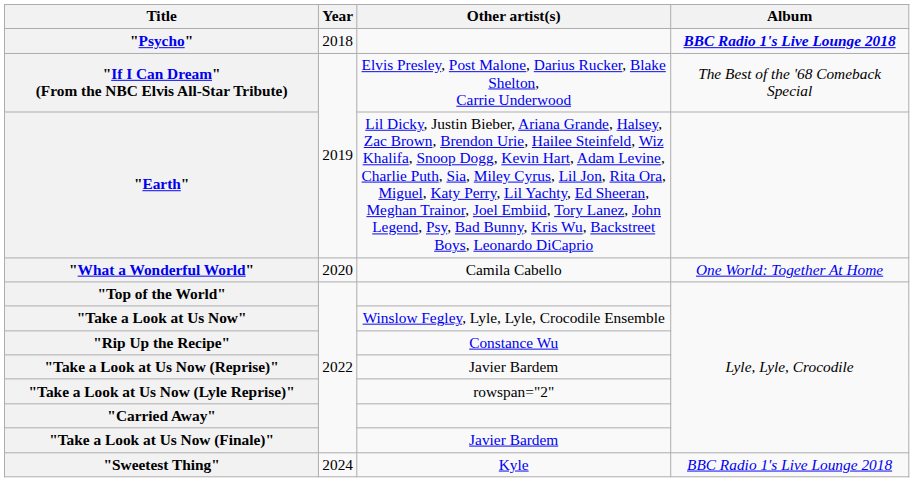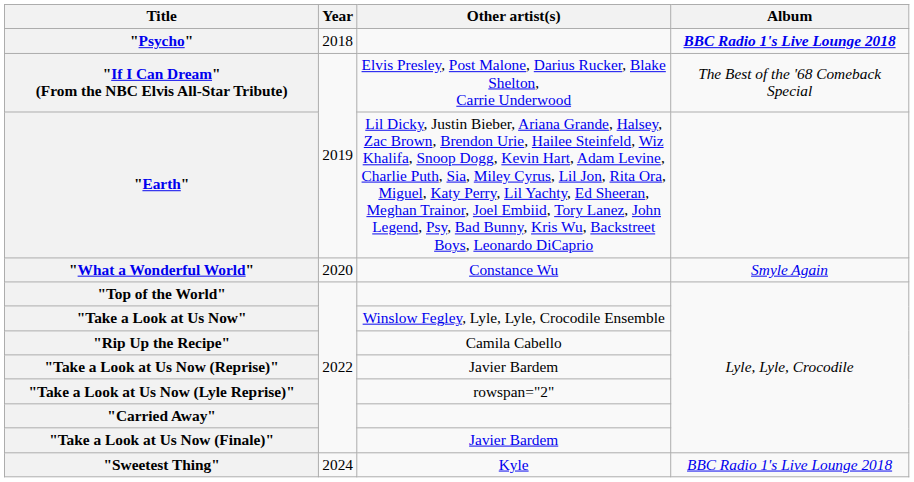 <table class="wikitable sortable plainrowheaders" style="text-align:center;">
 <tr>
 <th scope="col" style="width:20em;">Title</th>
 <th scope="col" style="width:1em;">Year</th>
 <th scope="col" style="width:20em;">Other artist(s)</th>
 <th scope="col" style="width:15em;">Album</th>
 </tr>
 <tr>
 <th scope="row">"<a href='#'>Psycho</a>"</th>
 <td>2018</td>
 <td></td>
 <td><strong><em><a href='#'>BBC Radio 1's Live Lounge 2018</a></em></strong></td>
 </tr>
 <tr>
 <th scope="row">"<a href='#'>If I Can Dream</a>" <br>(From the NBC Elvis All-Star Tribute)</th>
 <td rowspan="2">2019</td>
 <td><a href='#'>Elvis Presley</a>, <a href='#'>Post Malone</a>, <a href='#'>Darius Rucker</a>, <a href='#'>Blake Shelton</a>, <br><a href='#'>Carrie Underwood</a></td>
 <td><em>The Best of the '68 Comeback Special</em></td>
 </tr>
 <tr>
 <th scope="row">"<a href='#'>Earth</a>"</th>
 <td><a href='#'>Lil Dicky</a>, Justin Bieber, <a href='#'>Ariana Grande</a>, <a href='#'>Halsey</a>, <a href='#'>Zac Brown</a>, <a href='#'>Brendon Urie</a>, <a href='#'>Hailee Steinfeld</a>, <a href='#'>Wiz Khalifa</a>, <a href='#'>Snoop Dogg</a>, <a href='#'>Kevin Hart</a>, <a href='#'>Adam Levine</a>, <a href='#'>Charlie Puth</a>, <a href='#'>Sia</a>, <a href='#'>Miley Cyrus</a>, <a href='#'>Lil Jon</a>, <a href='#'>Rita Ora</a>, <a href='#'>Miguel</a>, <a href='#'>Katy Perry</a>, <a href='#'>Lil Yachty</a>, <a href='#'>Ed Sheeran</a>, <a href='#'>Meghan Trainor</a>, <a href='#'>Joel Embiid</a>, <a href='#'>Tory Lanez</a>, <a href='#'>John Legend</a>, <a href='#'>Psy</a>, <a href='#'>Bad Bunny</a>, <a href='#'>Kris Wu</a>, <a href='#'>Backstreet Boys</a>, <a href='#'>Leonardo DiCaprio</a></td>
 <td></td>
 </tr>
 <tr>
 <th scope="row">"<a href='#'>What a Wonderful World</a>"</th>
 <td>2020</td>
-<td align=center>Camila Cabello</td>
-<td><em><a href='#'>One World: Together At Home</a></em></td>
+<td><a href='#'>Constance Wu</a></td>
+<td><em><a href='#'>Smyle Again</a></em></td>
 </tr>
 <tr>
 <th scope="row">"Top of the World"</th>
 <td rowspan="7">2022</td>
 <td></td>
 <td rowspan="7"><em>Lyle, Lyle, Crocodile</em></td>
 </tr>
 <tr>
 <th scope="row">"Take a Look at Us Now"</th>
 <td><a href='#'>Winslow Fegley</a>, Lyle, Lyle, Crocodile Ensemble</td>
 </tr>
 <tr>
 <th scope="row">"Rip Up the Recipe"</th>
-<td><a href='#'>Constance Wu</a></td>
+<td align=center>Camila Cabello</td>
 </tr>
 <tr>
 <th scope="row">"Take a Look at Us Now (Reprise)"</th>
 <td>Javier Bardem</td>
 </tr>
 <tr>
 <th scope="row">"Take a Look at Us Now (Lyle Reprise)"</th>
 <td>rowspan="2" </td>
 </tr>
 <tr>
 <th scope="row">"Carried Away"</th>
 </tr>
 <tr>
 <th scope="row">"Take a Look at Us Now (Finale)"</th>
 <td><a href='#'>Javier Bardem</a></td>
 </tr>
 <tr>
 <th scope="row">"Sweetest Thing"</th>
 <td>2024</td>
 <td align=center><a href='#'>Kyle</a></td>
 <td><em><a href='#'>BBC Radio 1's Live Lounge 2018</a></em></td>
 </tr>
 </table>
